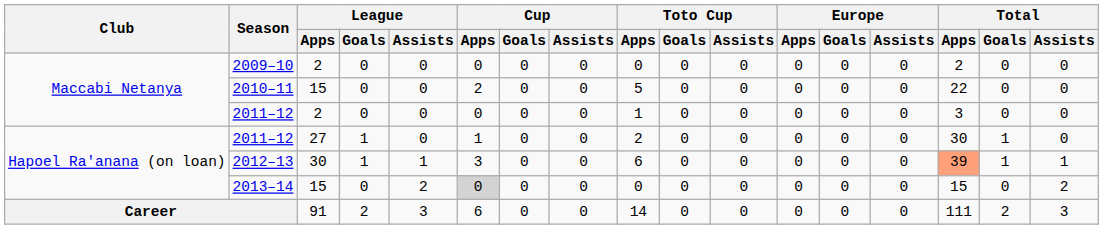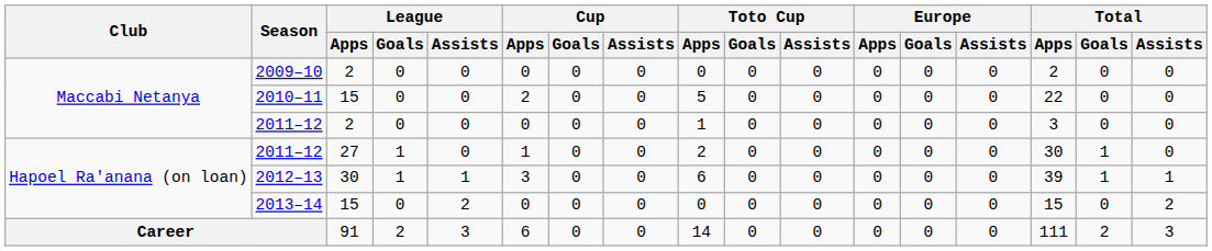 <table class="wikitable" style="font-size:90%; text-align: center;">
 <tr>
 <th rowspan="2">Club</th>
 <th rowspan="2">Season</th>
 <th colspan="3">League</th>
 <th colspan="3">Cup</th>
 <th colspan="3">Toto Cup</th>
 <th colspan="3">Europe</th>
 <th colspan="3">Total</th>
 </tr>
 <tr>
 <th>Apps</th>
 <th>Goals</th>
 <th>Assists</th>
 <th>Apps</th>
 <th>Goals</th>
 <th>Assists</th>
 <th>Apps</th>
 <th>Goals</th>
 <th>Assists</th>
 <th>Apps</th>
 <th>Goals</th>
 <th>Assists</th>
 <th>Apps</th>
 <th>Goals</th>
 <th>Assists</th>
 </tr>
 <tr |-||-||-|>
 <td rowspan="3" valign="center"><a href='#'>Maccabi Netanya</a></td>
 <td><a href='#'>2009–10</a></td>
 <td>2</td>
 <td>0</td>
 <td>0</td>
 <td>0</td>
 <td>0</td>
 <td>0</td>
 <td>0</td>
 <td>0</td>
 <td>0</td>
 <td>0</td>
 <td>0</td>
 <td>0</td>
 <td>2</td>
 <td>0</td>
 <td>0</td>
 </tr>
 <tr>
 <td><a href='#'>2010–11</a></td>
 <td>15</td>
 <td>0</td>
 <td>0</td>
 <td>2</td>
 <td>0</td>
 <td>0</td>
 <td>5</td>
 <td>0</td>
 <td>0</td>
 <td>0</td>
 <td>0</td>
 <td>0</td>
 <td>22</td>
 <td>0</td>
 <td>0</td>
 </tr>
 <tr>
 <td><a href='#'>2011–12</a></td>
 <td>2</td>
 <td>0</td>
 <td>0</td>
 <td>0</td>
 <td>0</td>
 <td>0</td>
 <td>1</td>
 <td>0</td>
 <td>0</td>
 <td>0</td>
 <td>0</td>
 <td>0</td>
 <td>3</td>
 <td>0</td>
 <td>0</td>
 </tr>
 <tr>
 <td rowspan="3" valign="center"><a href='#'>Hapoel Ra'anana</a> (on loan)</td>
 <td><a href='#'>2011–12</a></td>
 <td>27</td>
 <td>1</td>
 <td>0</td>
 <td>1</td>
 <td>0</td>
 <td>0</td>
 <td>2</td>
 <td>0</td>
 <td>0</td>
 <td>0</td>
 <td>0</td>
 <td>0</td>
 <td>30</td>
 <td>1</td>
 <td>0</td>
 </tr>
 <tr>
 <td><a href='#'>2012–13</a></td>
 <td>30</td>
 <td>1</td>
 <td>1</td>
 <td>3</td>
 <td>0</td>
 <td>0</td>
 <td>6</td>
 <td>0</td>
 <td>0</td>
 <td>0</td>
 <td>0</td>
 <td>0</td>
-<td style="background: lightsalmon;">39</td>
+<td>39</td>
 <td>1</td>
 <td>1</td>
 </tr>
 <tr>
 <td><a href='#'>2013–14</a></td>
 <td>15</td>
 <td>0</td>
 <td>2</td>
-<td style="background: lightgrey;">0</td>
+<td>0</td>
 <td>0</td>
 <td>0</td>
 <td>0</td>
 <td>0</td>
 <td>0</td>
 <td>0</td>
 <td>0</td>
 <td>0</td>
 <td>15</td>
 <td>0</td>
 <td>2</td>
 </tr>
 <tr>
 <th colspan="2" valign="center">Career</th>
 <td>91</td>
 <td>2</td>
 <td>3</td>
 <td>6</td>
 <td>0</td>
 <td>0</td>
 <td>14</td>
 <td>0</td>
 <td>0</td>
 <td>0</td>
 <td>0</td>
 <td>0</td>
 <td>111</td>
 <td>2</td>
 <td>3</td>
 </tr>
 </table>
